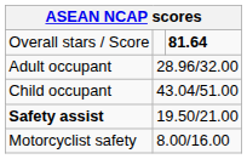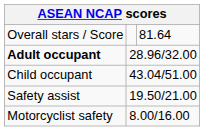 <table class="wikitable">
 <tr>
 <th colspan="3"><a href='#'>ASEAN NCAP</a> scores</th>
 </tr>
 <tr>
 <td>Overall stars / Score</td>
 <td></td>
-<td><strong>81.64</strong></td>
+<td>81.64</td>
 </tr>
 <tr>
-<td>Adult occupant</td>
+<td><strong>Adult occupant</strong></td>
 <td colspan="2">28.96/32.00</td>
 </tr>
 <tr>
 <td>Child occupant</td>
 <td colspan="2">43.04/51.00</td>
 </tr>
 <tr>
-<td><strong>Safety assist</strong></td>
+<td>Safety assist</td>
 <td colspan="2">19.50/21.00</td>
 </tr>
 <tr>
 <td>Motorcyclist safety</td>
 <td colspan="2">8.00/16.00</td>
 </tr>
 </table>
